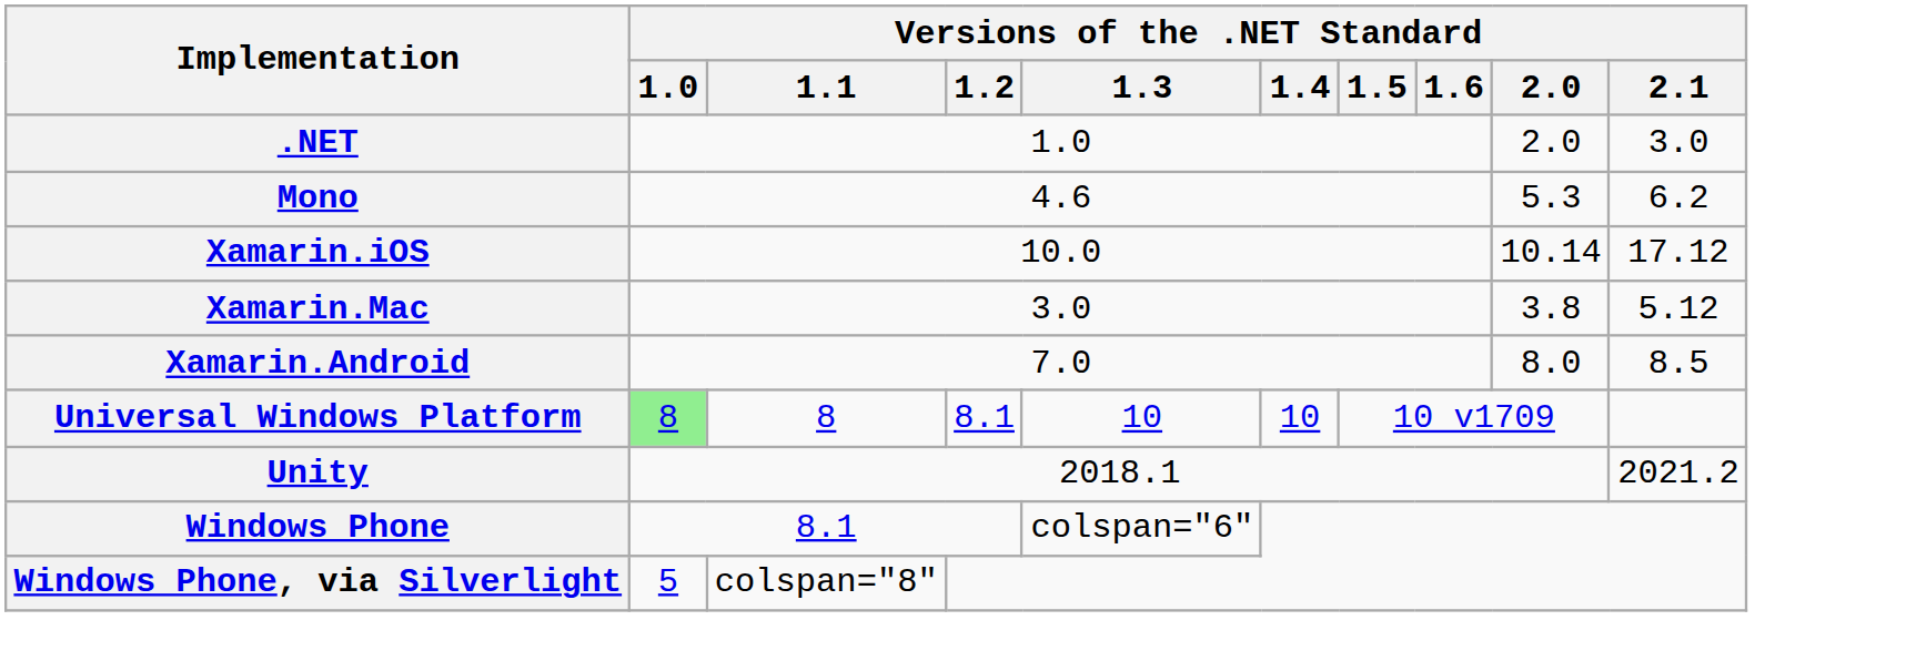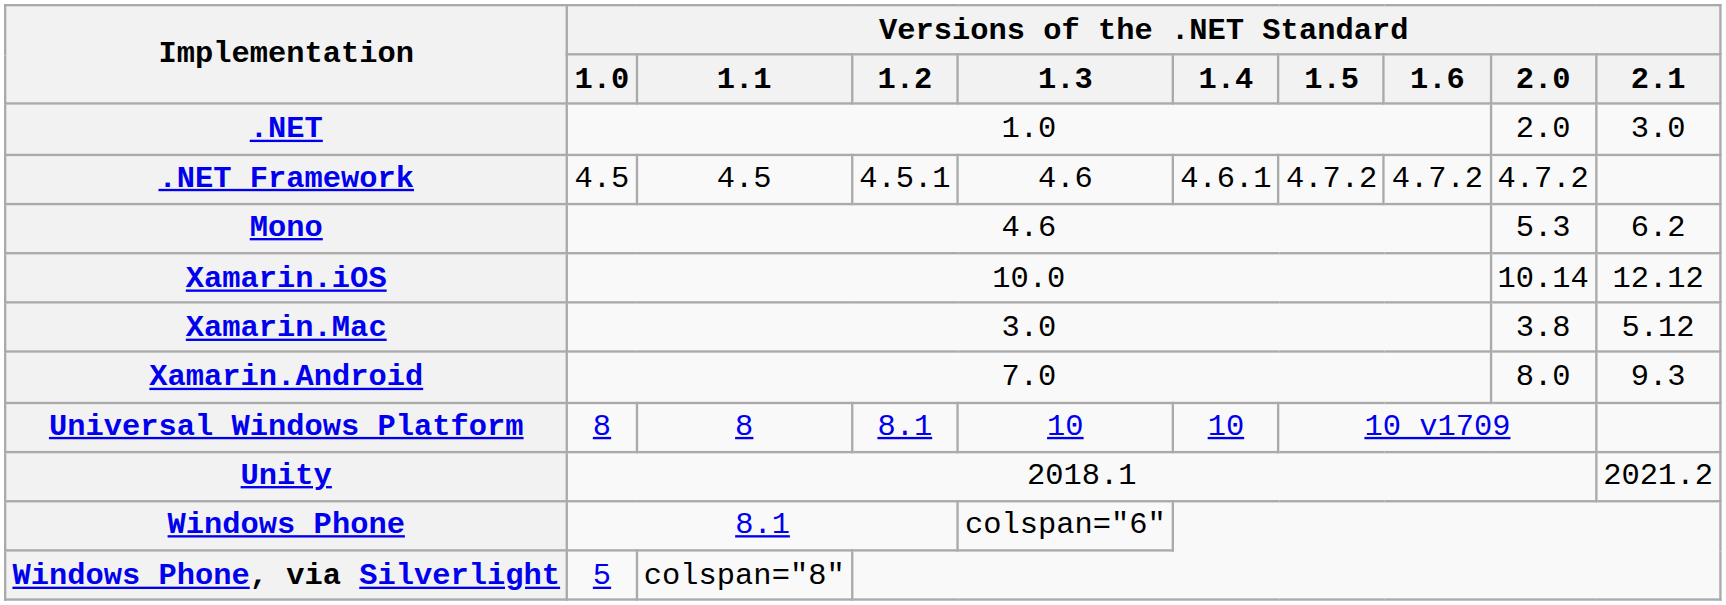 <table class="wikitable plainrowheaders" style="text-align:center">
 <tr>
 <th scope="col" rowspan="2">Implementation</th>
 <th scope="col" colspan="9">Versions of the .NET Standard</th>
 </tr>
 <tr>
 <th scope="col">1.0</th>
 <th scope="col">1.1</th>
 <th scope="col">1.2</th>
 <th scope="col">1.3</th>
 <th scope="col">1.4</th>
 <th scope="col">1.5</th>
 <th scope="col">1.6</th>
 <th scope="col">2.0</th>
 <th scope="col">2.1</th>
 </tr>
 <tr>
 <th scope="row"><a href='#'>.NET</a></th>
 <td colspan="7">1.0</td>
 <td>2.0</td>
 <td>3.0</td>
 </tr>
 <tr>
+<th scope="row"><a href='#'>.NET Framework</a></th>
+<td>4.5</td>
+<td>4.5</td>
+<td>4.5.1</td>
+<td>4.6</td>
+<td>4.6.1</td>
+<td>4.7.2</td>
+<td>4.7.2</td>
+<td>4.7.2</td>
+<td></td>
+</tr>
+<tr>
 <th scope="row"><a href='#'>Mono</a></th>
 <td colspan="7">4.6</td>
 <td>5.3</td>
 <td>6.2</td>
 </tr>
 <tr>
 <th scope="row"><a href='#'>Xamarin.iOS</a></th>
 <td colspan="7">10.0</td>
 <td>10.14</td>
-<td>17.12</td>
+<td>12.12</td>
 </tr>
 <tr>
 <th scope="row"><a href='#'>Xamarin.Mac</a></th>
 <td colspan="7">3.0</td>
 <td>3.8</td>
 <td>5.12</td>
 </tr>
 <tr>
 <th scope="row"><a href='#'>Xamarin.Android</a></th>
 <td colspan="7">7.0</td>
 <td>8.0</td>
-<td>8.5</td>
+<td>9.3</td>
 </tr>
 <tr>
 <th scope="row"><a href='#'>Universal Windows Platform</a></th>
-<td style="background: lightgreen;"><a href='#'>8</a></td>
+<td><a href='#'>8</a></td>
 <td><a href='#'>8</a></td>
 <td><a href='#'>8.1</a></td>
 <td><a href='#'>10</a></td>
 <td><a href='#'>10</a></td>
 <td colspan="3"><a href='#'>10 v1709</a></td>
 <td></td>
 </tr>
 <tr>
 <th scope="row"><a href='#'>Unity</a></th>
 <td colspan="8">2018.1</td>
 <td>2021.2</td>
 </tr>
 <tr>
 <th scope="row"><a href='#'>Windows Phone</a></th>
 <td colspan="3"><a href='#'>8.1</a></td>
 <td>colspan="6" </td>
 </tr>
 <tr>
 <th scope="row"><a href='#'>Windows Phone</a>, via <a href='#'>Silverlight</a></th>
 <td><a href='#'>5</a></td>
 <td>colspan="8" </td>
 </tr>
 </table>
